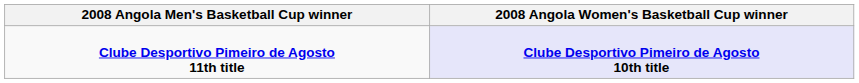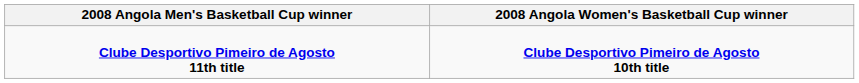 <table class=wikitable style="text-align:center; width: 1000px; margin:auto">
 <tr>
 <th width=600px>2008 Angola Men's Basketball Cup winner</th>
 <th width=600px>2008 Angola Women's Basketball Cup winner</th>
 </tr>
 <tr>
 <td><br><strong><a href='#'>Clube Desportivo Pimeiro de Agosto</a></strong><br><strong>11th title</strong></td>
-<td style="background: lavender;"><br><strong><a href='#'>Clube Desportivo Pimeiro de Agosto</a></strong><br><strong>10th title</strong></td>
+<td><br><strong><a href='#'>Clube Desportivo Pimeiro de Agosto</a></strong><br><strong>10th title</strong></td>
 </tr>
 </table>
